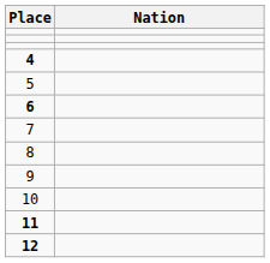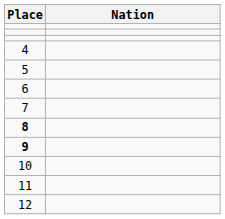 <table class=wikitable style=text-align:center>
 <tr>
 <th width=35>Place</th>
 <th width=185>Nation</th>
 </tr>
 <tr>
 <td></td>
 <td style=text-align:left></td>
 </tr>
 <tr>
 <td></td>
 <td style=text-align:left></td>
 </tr>
 <tr>
 <td></td>
 <td style=text-align:left></td>
 </tr>
 <tr>
-<td><strong>4</strong></td>
+<td>4</td>
 <td style=text-align:left></td>
 </tr>
 <tr>
 <td>5</td>
 <td style=text-align:left></td>
 </tr>
 <tr>
-<td><strong>6</strong></td>
+<td>6</td>
 <td style=text-align:left></td>
 </tr>
 <tr>
 <td>7</td>
 <td style=text-align:left></td>
 </tr>
 <tr>
-<td>8</td>
+<td><strong>8</strong></td>
 <td style=text-align:left></td>
 </tr>
 <tr>
-<td>9</td>
+<td><strong>9</strong></td>
 <td style=text-align:left></td>
 </tr>
 <tr>
 <td>10</td>
 <td style=text-align:left></td>
 </tr>
 <tr>
-<td><strong>11</strong></td>
+<td>11</td>
 <td style=text-align:left></td>
 </tr>
 <tr>
-<td><strong>12</strong></td>
+<td>12</td>
 <td style=text-align:left></td>
 </tr>
 </table>
